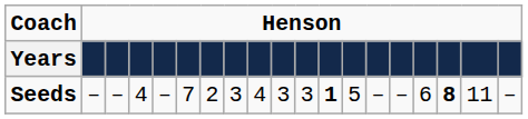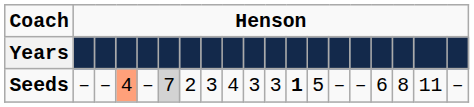 <table class="wikitable">
 <tr>
 <td style="text-align:center; "><strong>Coach</strong></td>
 <td colspan=18; align=center><strong>Henson</strong></td>
 </tr>
 <tr>
 <th>Years</th>
 <th style="background: #13294B;"><a href='#'></a></th>
 <th style="background: #13294B;"><a href='#'></a></th>
 <th style="background: #13294B;"><a href='#'></a></th>
 <th style="background: #13294B;"><a href='#'></a></th>
 <th style="background: #13294B;"><a href='#'></a></th>
 <th style="background: #13294B;"><a href='#'></a></th>
 <th style="background: #13294B;"><a href='#'></a></th>
 <th style="background: #13294B;"><a href='#'></a></th>
 <th style="background: #13294B;"><a href='#'></a></th>
 <th style="background: #13294B;"><a href='#'></a></th>
 <th style="background: #13294B;"><a href='#'></a></th>
 <th style="background: #13294B;"><a href='#'></a></th>
 <th style="background: #13294B;"><a href='#'></a></th>
 <th style="background: #13294B;"><a href='#'></a></th>
 <th style="background: #13294B;"><a href='#'></a></th>
 <th style="background: #13294B;"><a href='#'></a></th>
 <th style="background: #13294B;"><a href='#'></a></th>
 <th style="background: #13294B;"><a href='#'></a></th>
 </tr>
 <tr align=center>
 <td style="text-align:left; "><strong>Seeds</strong></td>
 <td>–</td>
 <td>–</td>
-<td>4</td>
+<td style="background: lightsalmon;">4</td>
 <td>–</td>
-<td>7</td>
+<td style="background: lightgrey;">7</td>
 <td>2</td>
 <td>3</td>
 <td>4</td>
 <td>3</td>
 <td>3</td>
 <td><strong>1</strong></td>
 <td>5</td>
 <td>–</td>
 <td>–</td>
 <td>6</td>
-<td><strong>8</strong></td>
+<td>8</td>
 <td>11</td>
 <td>–</td>
 </tr>
 </table>
